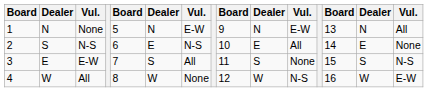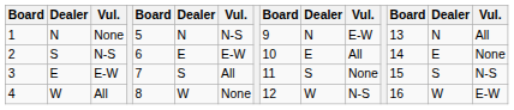 <table class="wikitable">
 <tr>
 <th>Board</th>
 <th>Dealer</th>
 <th>Vul.</th>
 <th rowspan="5"></th>
 <th>Board</th>
 <th>Dealer</th>
 <th>Vul.</th>
 <th rowspan="5"></th>
 <th>Board</th>
 <th>Dealer</th>
 <th>Vul.</th>
 <th rowspan="5"></th>
 <th>Board</th>
 <th>Dealer</th>
 <th>Vul.</th>
 </tr>
 <tr>
 <td>1</td>
 <td>N</td>
 <td>None</td>
 <td>5</td>
 <td>N</td>
-<td>E-W</td>
+<td>N-S</td>
 <td>9</td>
 <td>N</td>
 <td>E-W</td>
 <td>13</td>
 <td>N</td>
 <td>All</td>
 </tr>
 <tr>
 <td>2</td>
 <td>S</td>
 <td>N-S</td>
 <td>6</td>
 <td>E</td>
-<td>N-S</td>
+<td>E-W</td>
 <td>10</td>
 <td>E</td>
 <td>All</td>
 <td>14</td>
 <td>E</td>
 <td>None</td>
 </tr>
 <tr>
 <td>3</td>
 <td>E</td>
 <td>E-W</td>
 <td>7</td>
 <td>S</td>
 <td>All</td>
 <td>11</td>
 <td>S</td>
 <td>None</td>
 <td>15</td>
 <td>S</td>
 <td>N-S</td>
 </tr>
 <tr>
 <td>4</td>
 <td>W</td>
 <td>All</td>
 <td>8</td>
 <td>W</td>
 <td>None</td>
 <td>12</td>
 <td>W</td>
 <td>N-S</td>
 <td>16</td>
 <td>W</td>
 <td>E-W</td>
 </tr>
 </table>
